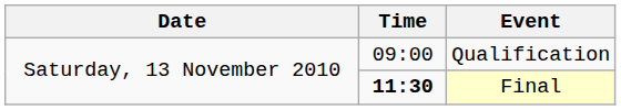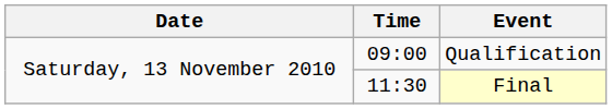 <table class = "wikitable" style="text-align:center;">
 <tr>
 <th width=220>Date</th>
 <th width=50>Time</th>
 <th width=100>Event</th>
 </tr>
 <tr>
 <td rowspan=2>Saturday, 13 November 2010</td>
 <td>09:00</td>
 <td>Qualification</td>
 </tr>
 <tr>
-<td><strong>11:30</strong></td>
+<td>11:30</td>
 <td bgcolor=ffffcc>Final</td>
 </tr>
 </table>
